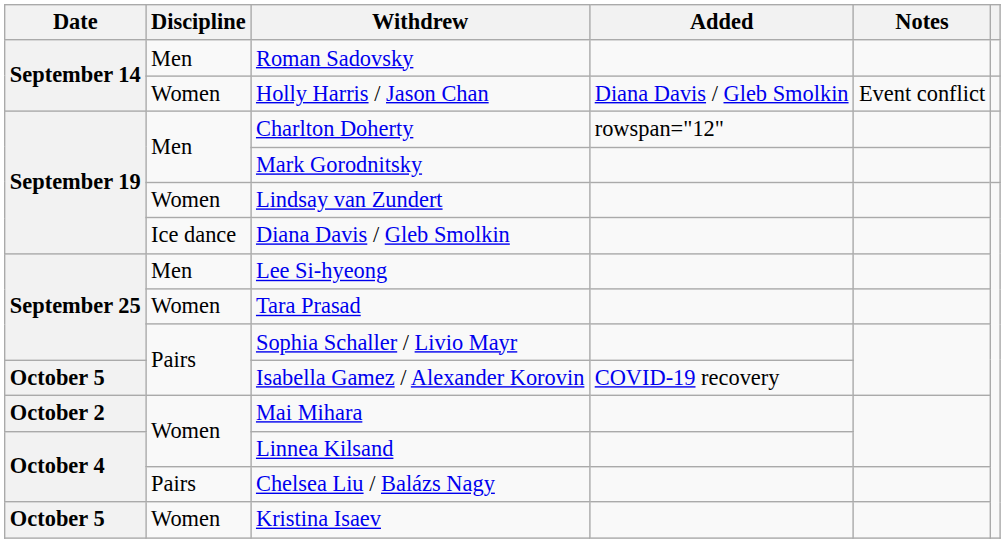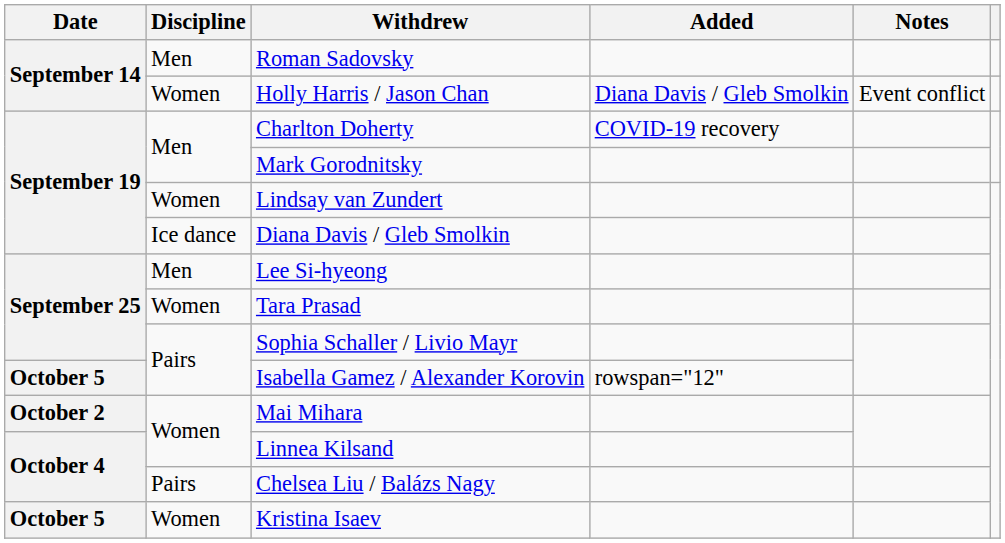 <table class="wikitable unsortable">
 <tr>
 <th scope="col">Date</th>
 <th scope="col">Discipline</th>
 <th scope="col">Withdrew</th>
 <th scope="col">Added</th>
 <th scope="col">Notes</th>
 <th scope="col"></th>
 </tr>
 <tr>
 <th scope="row" style="text-align:left" rowspan="2">September 14</th>
 <td>Men</td>
 <td> <a href='#'>Roman Sadovsky</a></td>
 <td></td>
 <td></td>
 <td></td>
 </tr>
 <tr>
 <td>Women</td>
 <td> <a href='#'>Holly Harris</a> / <a href='#'>Jason Chan</a></td>
 <td> <a href='#'>Diana Davis</a> / <a href='#'>Gleb Smolkin</a></td>
 <td>Event conflict</td>
 <td></td>
 </tr>
 <tr>
 <th scope="row" style="text-align:left" rowspan="4">September 19</th>
 <td rowspan="2">Men</td>
 <td> <a href='#'>Charlton Doherty</a></td>
-<td>rowspan="12" </td>
+<td><a href='#'>COVID-19</a> recovery</td>
 <td></td>
 <td rowspan="2"></td>
 </tr>
 <tr>
 <td> <a href='#'>Mark Gorodnitsky</a></td>
 <td></td>
 </tr>
 <tr>
 <td>Women</td>
 <td> <a href='#'>Lindsay van Zundert</a></td>
 <td></td>
 <td></td>
 </tr>
 <tr>
 <td>Ice dance</td>
 <td> <a href='#'>Diana Davis</a> / <a href='#'>Gleb Smolkin</a></td>
 <td></td>
 <td></td>
 </tr>
 <tr>
 <th scope="row" style="text-align:left" rowspan="3">September 25</th>
 <td>Men</td>
 <td> <a href='#'>Lee Si-hyeong</a></td>
 <td></td>
 <td></td>
 </tr>
 <tr>
 <td>Women</td>
 <td> <a href='#'>Tara Prasad</a></td>
 <td></td>
 <td></td>
 </tr>
 <tr>
 <td rowspan="2">Pairs</td>
 <td> <a href='#'>Sophia Schaller</a> / <a href='#'>Livio Mayr</a></td>
 <td></td>
 <td rowspan=2></td>
 </tr>
 <tr>
 <th scope="row" style="text-align:left">October 5</th>
 <td> <a href='#'>Isabella Gamez</a> / <a href='#'>Alexander Korovin</a></td>
-<td><a href='#'>COVID-19</a> recovery</td>
+<td>rowspan="12" </td>
 </tr>
 <tr>
 <th scope="row" style="text-align:left">October 2</th>
 <td rowspan=2>Women</td>
 <td> <a href='#'>Mai Mihara</a></td>
 <td></td>
 <td rowspan="2"></td>
 </tr>
 <tr>
 <th scope="row" style="text-align:left" rowspan="2">October 4</th>
 <td> <a href='#'>Linnea Kilsand</a></td>
 <td></td>
 </tr>
 <tr>
 <td>Pairs</td>
 <td> <a href='#'>Chelsea Liu</a> / <a href='#'>Balázs Nagy</a></td>
 <td></td>
 <td></td>
 </tr>
 <tr>
 <th scope="row" style="text-align:left">October 5</th>
 <td>Women</td>
 <td> <a href='#'>Kristina Isaev</a></td>
 <td></td>
 <td></td>
 </tr>
 </table>
